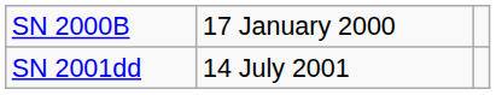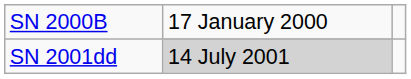 <table class="wikitable floatright" style="font-size: 0.9em; width: 270px;">
 <tr>
 <td><a href='#'>SN 2000B</a></td>
 <td>17 January 2000</td>
 <td> </td>
 </tr>
 <tr>
 <td><a href='#'>SN 2001dd</a></td>
-<td>14 July 2001</td>
+<td style="background: lightgrey;">14 July 2001</td>
 <td> </td>
 </tr>
 </table>
